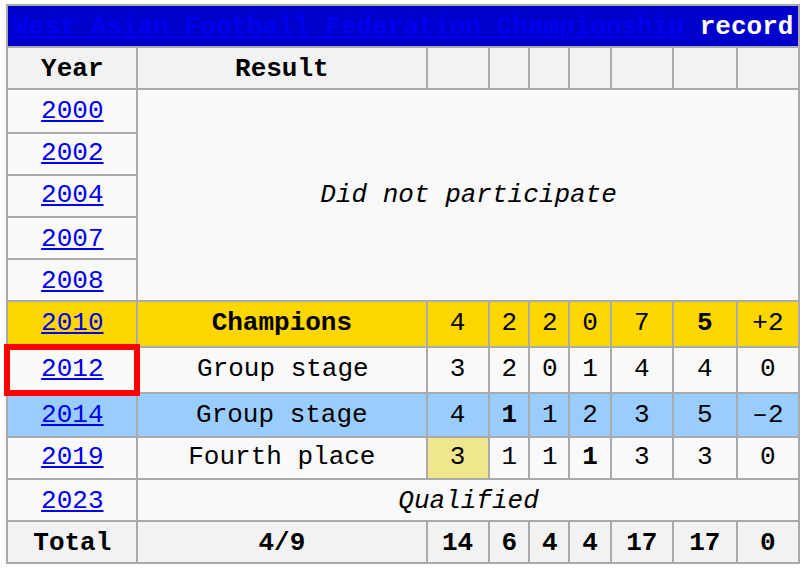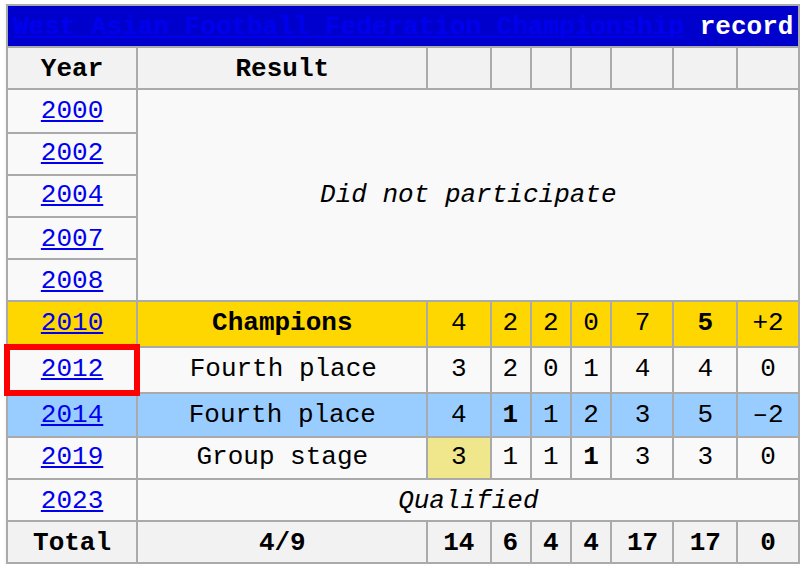 <table class="wikitable" style="text-align: center;">
 <tr>
 <th colspan=9 style="background: #0000CD; color: #FFFFFF;"><a href='#'>West Asian Football Federation Championship</a> record</th>
 </tr>
 <tr>
 <th>Year</th>
 <th>Result</th>
 <th></th>
 <th></th>
 <th></th>
 <th></th>
 <th></th>
 <th></th>
 <th></th>
 </tr>
 <tr>
 <td> <a href='#'>2000</a></td>
 <td rowspan=5 colspan=8><em>Did not participate</em></td>
 </tr>
 <tr>
 <td> <a href='#'>2002</a></td>
 </tr>
 <tr>
 <td> <a href='#'>2004</a></td>
 </tr>
 <tr>
 <td> <a href='#'>2007</a></td>
 </tr>
 <tr>
 <td> <a href='#'>2008</a></td>
 </tr>
 <tr bgcolor=gold>
 <td> <a href='#'>2010</a></td>
 <td><strong>Champions</strong></td>
 <td>4</td>
 <td>2</td>
 <td>2</td>
 <td>0</td>
 <td>7</td>
 <td><strong>5</strong></td>
 <td>+2</td>
 </tr>
 <tr>
 <td style="border: 3px solid red"> <a href='#'>2012</a></td>
-<td>Group stage</td>
+<td>Fourth place</td>
 <td>3</td>
 <td>2</td>
 <td>0</td>
 <td>1</td>
 <td>4</td>
 <td>4</td>
 <td>0</td>
 </tr>
 <tr bgcolor="#9acdff">
 <td> <a href='#'>2014</a></td>
-<td>Group stage</td>
+<td>Fourth place</td>
 <td>4</td>
 <td><strong>1</strong></td>
 <td>1</td>
 <td>2</td>
 <td>3</td>
 <td>5</td>
 <td>–2</td>
 </tr>
 <tr>
 <td> <a href='#'>2019</a></td>
-<td>Fourth place</td>
+<td>Group stage</td>
 <td style="background: khaki;">3</td>
 <td>1</td>
 <td>1</td>
 <td><strong>1</strong></td>
 <td>3</td>
 <td>3</td>
 <td>0</td>
 </tr>
 <tr>
 <td> <a href='#'>2023</a></td>
 <td colspan=8><em>Qualified</em></td>
 </tr>
 <tr>
 <th>Total</th>
 <th>4/9</th>
 <th>14</th>
 <th>6</th>
 <th>4</th>
 <th>4</th>
 <th>17</th>
 <th>17</th>
 <th>0</th>
 </tr>
 </table>
